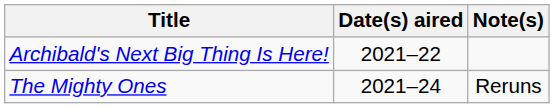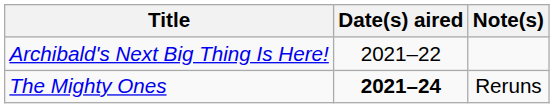 <table class="wikitable plainrowheaders sortable" style="text-align:center;">
 <tr>
 <th scope="col">Title</th>
 <th scope="col">Date(s) aired</th>
 <th class="unsortable">Note(s)</th>
 </tr>
 <tr>
 <td scope="row" style="text-align:left;"><em><a href='#'>Archibald's Next Big Thing Is Here!</a></em></td>
 <td>2021–22</td>
 </tr>
 <tr>
 <td scope="row" style="text-align:left;"><em><a href='#'>The Mighty Ones</a></em></td>
-<td>2021–24</td>
+<td><strong>2021–24</strong></td>
 <td>Reruns</td>
 </tr>
 </table>
